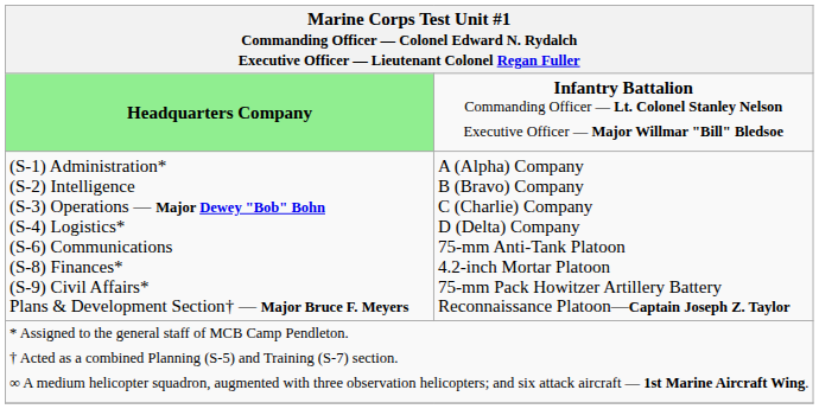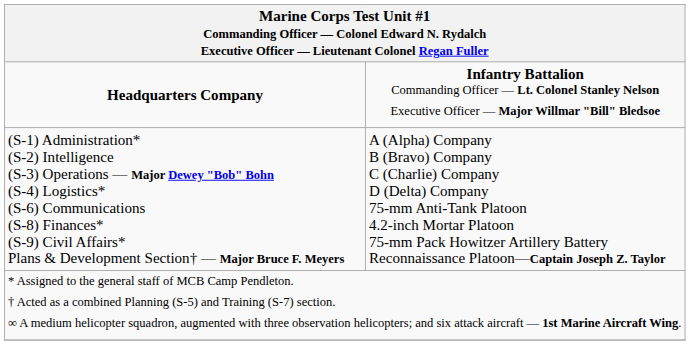 <table class="wikitable">
 <tr>
 <th colspan="2" align="center"><strong>Marine Corps Test Unit #1</strong><br><small>Commanding Officer — Colonel Edward N. Rydalch<br>Executive Officer — Lieutenant Colonel <a href='#'>Regan Fuller</a></small></th>
 </tr>
 <tr>
-<td align="center" style="background: lightgreen;"><strong>Headquarters Company</strong></td>
+<td align="center"><strong>Headquarters Company</strong></td>
 <td align="center"><strong>Infantry Battalion</strong><br><sup>Commanding Officer — <strong>Lt. Colonel Stanley Nelson</strong><br>Executive Officer — <strong>Major Willmar "Bill" Bledsoe</strong></sup></td>
 </tr>
 <tr>
 <td>(S-1) Administration*<br>(S-2) Intelligence<br>(S-3) Operations — <small><strong>Major <a href='#'>Dewey "Bob" Bohn</a></strong></small><br>(S-4) Logistics*<br>(S-6) Communications<br>(S-8) Finances*<br>(S-9) Civil Affairs*<br>Plans & Development Section† — <small><strong>Major Bruce F. Meyers</strong></small></td>
 <td align="left">A (Alpha) Company<br>B (Bravo) Company<br>C (Charlie) Company<br>D (Delta) Company<br>75-mm Anti-Tank Platoon<br>4.2-inch Mortar Platoon<br>75-mm Pack Howitzer Artillery Battery<br>Reconnaissance Platoon—<small><strong>Captain Joseph Z. Taylor</strong></small></td>
 </tr>
 <tr>
 <td colspan="3"><sup>* Assigned to the general staff of MCB Camp Pendleton.<br>† Acted as a combined Planning (S-5) and Training (S-7) section.<br>∞ A medium helicopter squadron, augmented with three observation helicopters; and six attack aircraft — <strong>1st Marine Aircraft Wing</strong>.</sup></td>
 </tr>
 <tr>
 </tr>
 </table>
